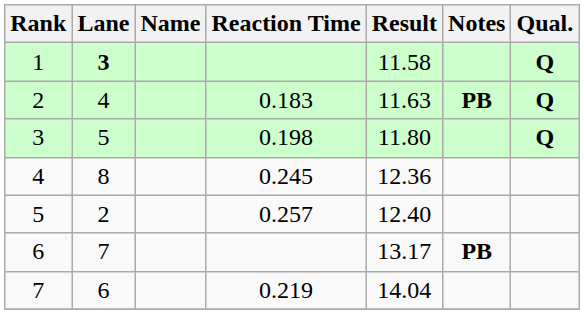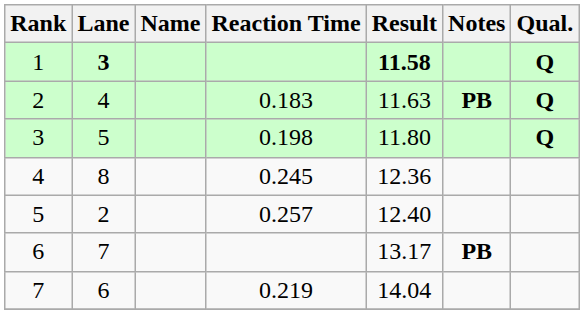 <table class="wikitable" style="text-align:center">
 <tr>
 <th>Rank</th>
 <th>Lane</th>
 <th>Name</th>
 <th>Reaction Time</th>
 <th>Result</th>
 <th>Notes</th>
 <th>Qual.</th>
 </tr>
 <tr bgcolor=ccffcc>
 <td>1</td>
 <td><strong>3</strong></td>
 <td align="left"></td>
 <td></td>
-<td>11.58</td>
+<td><strong>11.58</strong></td>
 <td></td>
 <td><strong>Q</strong></td>
 </tr>
 <tr bgcolor=ccffcc>
 <td>2</td>
 <td>4</td>
 <td align="left"></td>
 <td>0.183</td>
 <td>11.63</td>
 <td><strong>PB</strong></td>
 <td><strong>Q</strong></td>
 </tr>
 <tr bgcolor=ccffcc>
 <td>3</td>
 <td>5</td>
 <td align="left"></td>
 <td>0.198</td>
 <td>11.80</td>
 <td></td>
 <td><strong>Q</strong></td>
 </tr>
 <tr>
 <td>4</td>
 <td>8</td>
 <td align="left"></td>
 <td>0.245</td>
 <td>12.36</td>
 <td></td>
 <td></td>
 </tr>
 <tr>
 <td>5</td>
 <td>2</td>
 <td align="left"></td>
 <td>0.257</td>
 <td>12.40</td>
 <td></td>
 <td></td>
 </tr>
 <tr>
 <td>6</td>
 <td>7</td>
 <td align="left"></td>
 <td></td>
 <td>13.17</td>
 <td><strong>PB</strong></td>
 <td></td>
 </tr>
 <tr>
 <td>7</td>
 <td>6</td>
 <td align="left"></td>
 <td>0.219</td>
 <td>14.04</td>
 <td></td>
 <td></td>
 </tr>
 <tr>
 </tr>
 </table>
